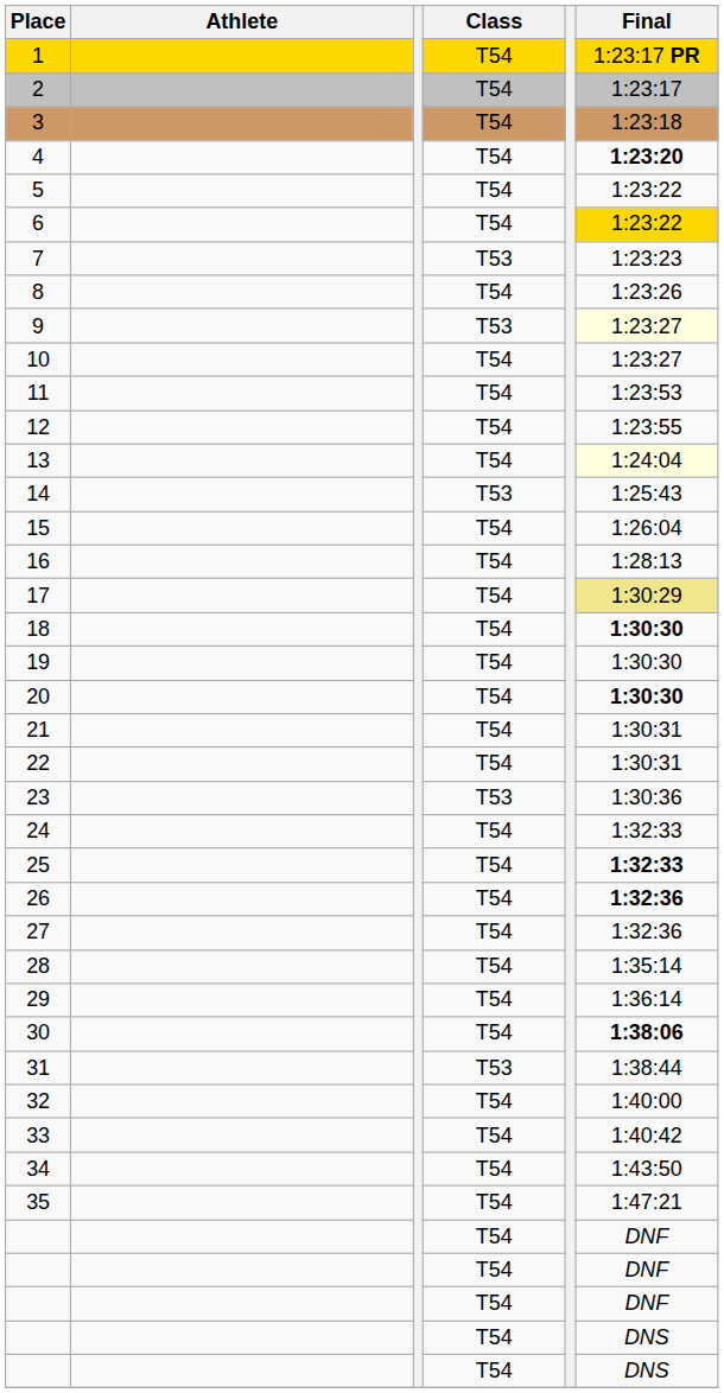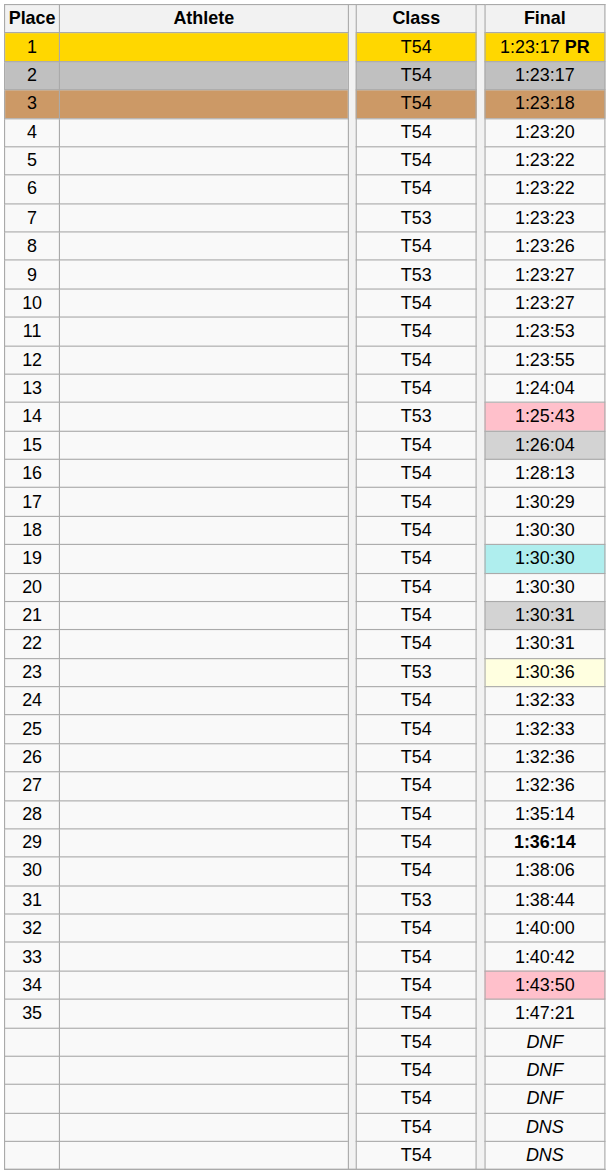 <table class="wikitable" style="text-align:center">
 <tr>
 <th>Place</th>
 <th width=250>Athlete</th>
 <th rowspan=41></th>
 <th width=100>Class</th>
 <th rowspan=41></th>
 <th width=100>Final</th>
 </tr>
 <tr bgcolor=gold>
 <td>1</td>
 <td align=left></td>
 <td>T54</td>
 <td>1:23:17 <strong>PR</strong></td>
 </tr>
 <tr bgcolor=silver>
 <td>2</td>
 <td align=left></td>
 <td>T54</td>
 <td>1:23:17</td>
 </tr>
 <tr bgcolor=cc9966>
 <td>3</td>
 <td align=left></td>
 <td>T54</td>
 <td>1:23:18</td>
 </tr>
 <tr>
 <td>4</td>
 <td align=left></td>
 <td>T54</td>
-<td><strong>1:23:20</strong></td>
+<td>1:23:20</td>
 </tr>
 <tr>
 <td>5</td>
 <td align=left></td>
 <td>T54</td>
 <td>1:23:22</td>
 </tr>
 <tr>
 <td>6</td>
 <td align=left></td>
 <td>T54</td>
-<td style="background: gold;">1:23:22</td>
+<td>1:23:22</td>
 </tr>
 <tr>
 <td>7</td>
 <td align=left></td>
 <td>T53</td>
 <td>1:23:23</td>
 </tr>
 <tr>
 <td>8</td>
 <td align=left></td>
 <td>T54</td>
 <td>1:23:26</td>
 </tr>
 <tr>
 <td>9</td>
 <td align=left></td>
 <td>T53</td>
-<td style="background: lightyellow;">1:23:27</td>
+<td>1:23:27</td>
 </tr>
 <tr>
 <td>10</td>
 <td align=left></td>
 <td>T54</td>
 <td>1:23:27</td>
 </tr>
 <tr>
 <td>11</td>
 <td align=left></td>
 <td>T54</td>
 <td>1:23:53</td>
 </tr>
 <tr>
 <td>12</td>
 <td align=left></td>
 <td>T54</td>
 <td>1:23:55</td>
 </tr>
 <tr>
 <td>13</td>
 <td align=left></td>
 <td>T54</td>
-<td style="background: lightyellow;">1:24:04</td>
+<td>1:24:04</td>
 </tr>
 <tr>
 <td>14</td>
 <td align=left></td>
 <td>T53</td>
-<td>1:25:43</td>
+<td style="background: pink;">1:25:43</td>
 </tr>
 <tr>
 <td>15</td>
 <td align=left></td>
 <td>T54</td>
-<td>1:26:04</td>
+<td style="background: lightgrey;">1:26:04</td>
 </tr>
 <tr>
 <td>16</td>
 <td align=left></td>
 <td>T54</td>
 <td>1:28:13</td>
 </tr>
 <tr>
 <td>17</td>
 <td align=left></td>
 <td>T54</td>
-<td style="background: khaki;">1:30:29</td>
+<td>1:30:29</td>
 </tr>
 <tr>
 <td>18</td>
 <td align=left></td>
 <td>T54</td>
-<td><strong>1:30:30</strong></td>
+<td>1:30:30</td>
 </tr>
 <tr>
 <td>19</td>
 <td align=left></td>
 <td>T54</td>
-<td>1:30:30</td>
+<td style="background: paleturquoise;">1:30:30</td>
 </tr>
 <tr>
 <td>20</td>
 <td align=left></td>
 <td>T54</td>
-<td><strong>1:30:30</strong></td>
+<td>1:30:30</td>
 </tr>
 <tr>
 <td>21</td>
 <td align=left></td>
 <td>T54</td>
-<td>1:30:31</td>
+<td style="background: lightgrey;">1:30:31</td>
 </tr>
 <tr>
 <td>22</td>
 <td align=left></td>
 <td>T54</td>
 <td>1:30:31</td>
 </tr>
 <tr>
 <td>23</td>
 <td align=left></td>
 <td>T53</td>
-<td>1:30:36</td>
+<td style="background: lightyellow;">1:30:36</td>
 </tr>
 <tr>
 <td>24</td>
 <td align=left></td>
 <td>T54</td>
 <td>1:32:33</td>
 </tr>
 <tr>
 <td>25</td>
 <td align=left></td>
 <td>T54</td>
-<td><strong>1:32:33</strong></td>
+<td>1:32:33</td>
 </tr>
 <tr>
 <td>26</td>
 <td align=left></td>
 <td>T54</td>
-<td><strong>1:32:36</strong></td>
+<td>1:32:36</td>
 </tr>
 <tr>
 <td>27</td>
 <td align=left></td>
 <td>T54</td>
 <td>1:32:36</td>
 </tr>
 <tr>
 <td>28</td>
 <td align=left></td>
 <td>T54</td>
 <td>1:35:14</td>
 </tr>
 <tr>
 <td>29</td>
 <td align=left></td>
 <td>T54</td>
-<td>1:36:14</td>
+<td><strong>1:36:14</strong></td>
 </tr>
 <tr>
 <td>30</td>
 <td align=left></td>
 <td>T54</td>
-<td><strong>1:38:06</strong></td>
+<td>1:38:06</td>
 </tr>
 <tr>
 <td>31</td>
 <td align=left></td>
 <td>T53</td>
 <td>1:38:44</td>
 </tr>
 <tr>
 <td>32</td>
 <td align=left></td>
 <td>T54</td>
 <td>1:40:00</td>
 </tr>
 <tr>
 <td>33</td>
 <td align=left></td>
 <td>T54</td>
 <td>1:40:42</td>
 </tr>
 <tr>
 <td>34</td>
 <td align=left></td>
 <td>T54</td>
-<td>1:43:50</td>
+<td style="background: pink;">1:43:50</td>
 </tr>
 <tr>
 <td>35</td>
 <td align=left></td>
 <td>T54</td>
 <td>1:47:21</td>
 </tr>
 <tr>
 <td></td>
 <td align=left></td>
 <td>T54</td>
 <td><em>DNF</em></td>
 </tr>
 <tr>
 <td></td>
 <td align=left></td>
 <td>T54</td>
 <td><em>DNF</em></td>
 </tr>
 <tr>
 <td></td>
 <td align=left></td>
 <td>T54</td>
 <td><em>DNF</em></td>
 </tr>
 <tr>
 <td></td>
 <td align=left></td>
 <td>T54</td>
 <td><em>DNS</em></td>
 </tr>
 <tr>
 <td></td>
 <td align=left></td>
 <td>T54</td>
 <td><em>DNS</em></td>
 </tr>
 <tr>
 </tr>
 </table>
